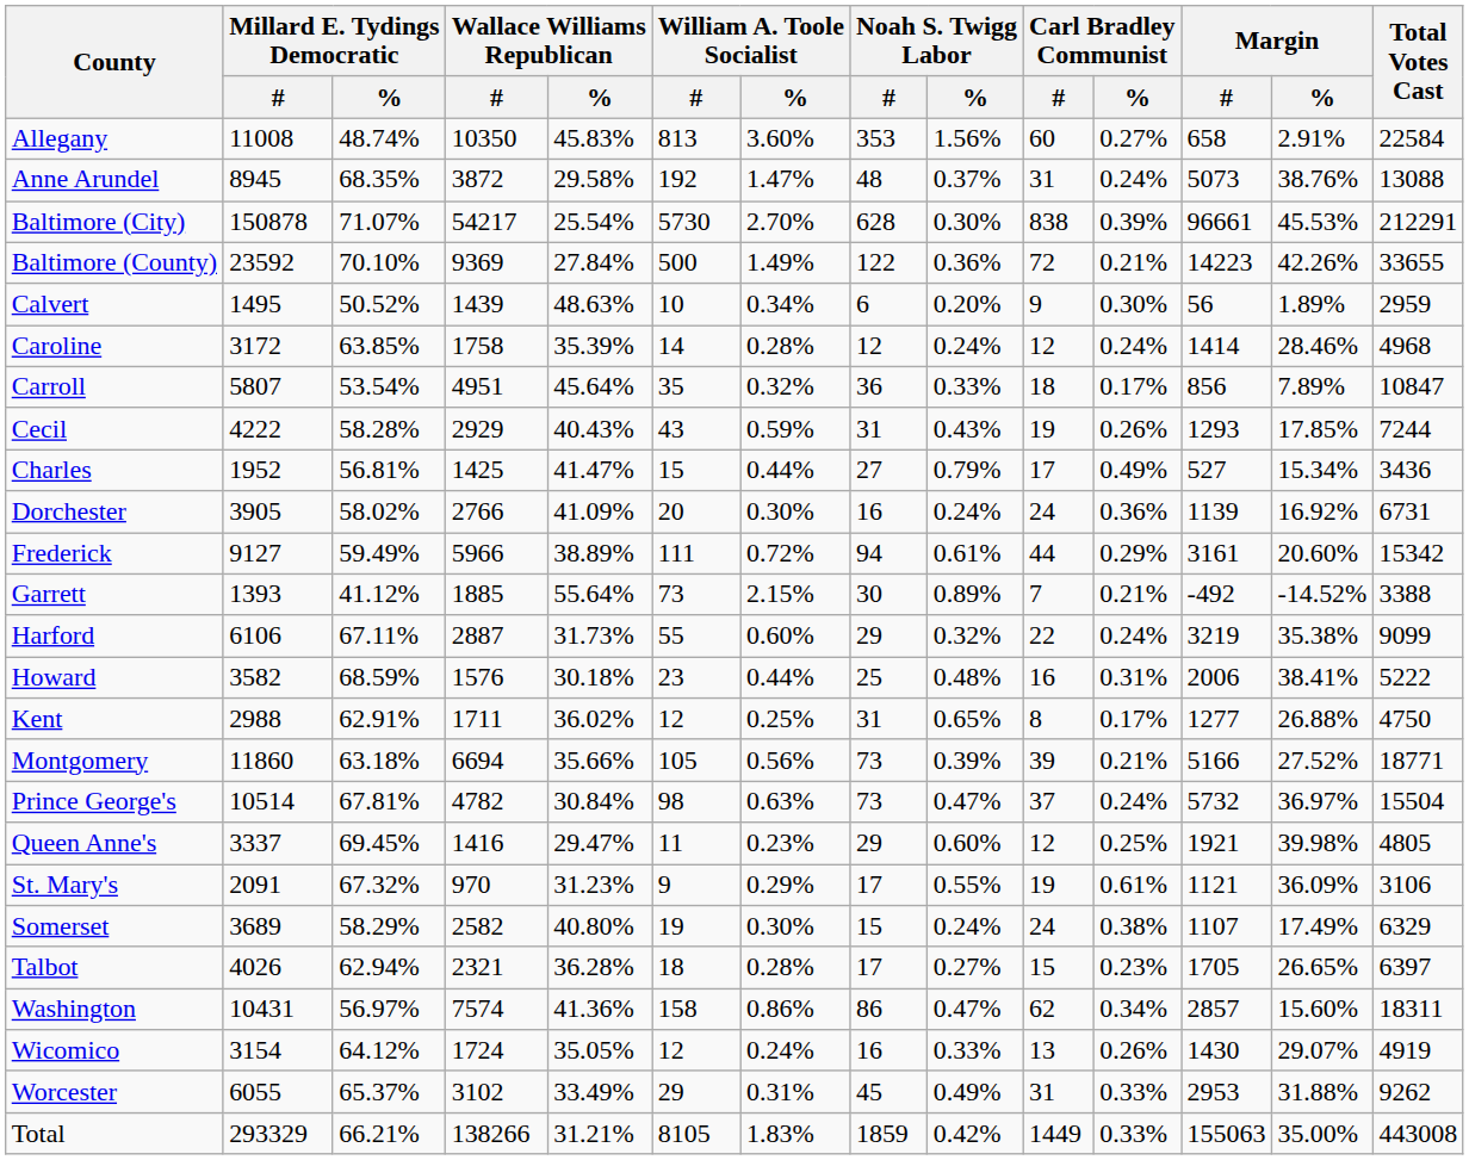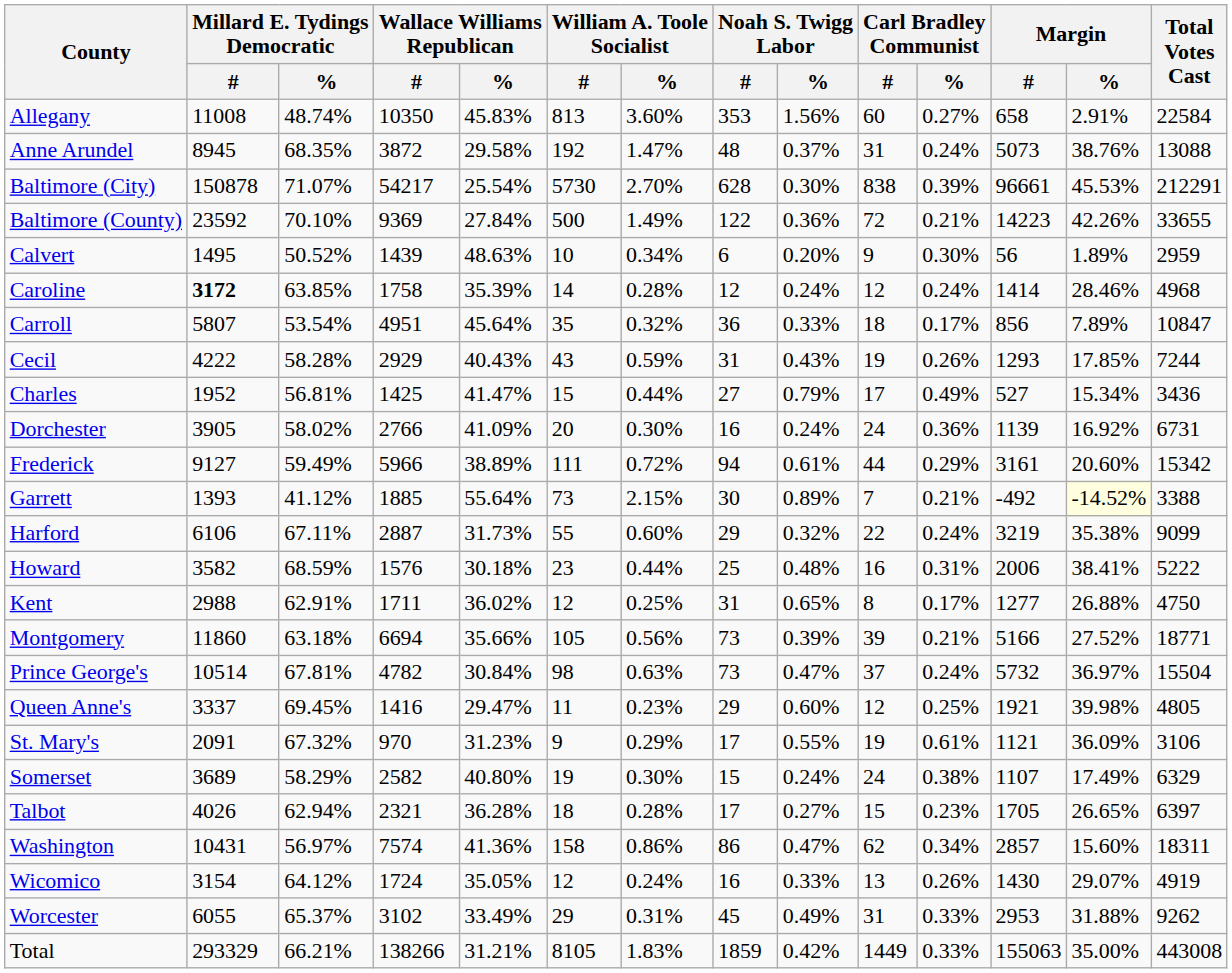 <table class="wikitable sortable">
 <tr>
 <th rowspan="2">County</th>
 <th colspan="2" >Millard E. Tydings<br>Democratic</th>
 <th colspan="2" >Wallace Williams<br>Republican</th>
 <th colspan="2" >William A. Toole<br>Socialist</th>
 <th colspan="2" >Noah S. Twigg<br>Labor</th>
 <th colspan="2" >Carl Bradley<br>Communist</th>
 <th colspan="2">Margin</th>
 <th rowspan="2">Total<br>Votes<br>Cast</th>
 </tr>
 <tr>
 <th>#</th>
 <th>%</th>
 <th>#</th>
 <th>%</th>
 <th>#</th>
 <th>%</th>
 <th>#</th>
 <th>%</th>
 <th>#</th>
 <th>%</th>
 <th>#</th>
 <th>%</th>
 </tr>
 <tr>
 <td><a href='#'>Allegany</a></td>
 <td>11008</td>
 <td>48.74%</td>
 <td>10350</td>
 <td>45.83%</td>
 <td>813</td>
 <td>3.60%</td>
 <td>353</td>
 <td>1.56%</td>
 <td>60</td>
 <td>0.27%</td>
 <td>658</td>
 <td>2.91%</td>
 <td>22584</td>
 </tr>
 <tr>
 <td><a href='#'>Anne Arundel</a></td>
 <td>8945</td>
 <td>68.35%</td>
 <td>3872</td>
 <td>29.58%</td>
 <td>192</td>
 <td>1.47%</td>
 <td>48</td>
 <td>0.37%</td>
 <td>31</td>
 <td>0.24%</td>
 <td>5073</td>
 <td>38.76%</td>
 <td>13088</td>
 </tr>
 <tr>
 <td><a href='#'>Baltimore (City)</a></td>
 <td>150878</td>
 <td>71.07%</td>
 <td>54217</td>
 <td>25.54%</td>
 <td>5730</td>
 <td>2.70%</td>
 <td>628</td>
 <td>0.30%</td>
 <td>838</td>
 <td>0.39%</td>
 <td>96661</td>
 <td>45.53%</td>
 <td>212291</td>
 </tr>
 <tr>
 <td><a href='#'>Baltimore (County)</a></td>
 <td>23592</td>
 <td>70.10%</td>
 <td>9369</td>
 <td>27.84%</td>
 <td>500</td>
 <td>1.49%</td>
 <td>122</td>
 <td>0.36%</td>
 <td>72</td>
 <td>0.21%</td>
 <td>14223</td>
 <td>42.26%</td>
 <td>33655</td>
 </tr>
 <tr>
 <td><a href='#'>Calvert</a></td>
 <td>1495</td>
 <td>50.52%</td>
 <td>1439</td>
 <td>48.63%</td>
 <td>10</td>
 <td>0.34%</td>
 <td>6</td>
 <td>0.20%</td>
 <td>9</td>
 <td>0.30%</td>
 <td>56</td>
 <td>1.89%</td>
 <td>2959</td>
 </tr>
 <tr>
 <td><a href='#'>Caroline</a></td>
-<td>3172</td>
+<td><strong>3172</strong></td>
 <td>63.85%</td>
 <td>1758</td>
 <td>35.39%</td>
 <td>14</td>
 <td>0.28%</td>
 <td>12</td>
 <td>0.24%</td>
 <td>12</td>
 <td>0.24%</td>
 <td>1414</td>
 <td>28.46%</td>
 <td>4968</td>
 </tr>
 <tr>
 <td><a href='#'>Carroll</a></td>
 <td>5807</td>
 <td>53.54%</td>
 <td>4951</td>
 <td>45.64%</td>
 <td>35</td>
 <td>0.32%</td>
 <td>36</td>
 <td>0.33%</td>
 <td>18</td>
 <td>0.17%</td>
 <td>856</td>
 <td>7.89%</td>
 <td>10847</td>
 </tr>
 <tr>
 <td><a href='#'>Cecil</a></td>
 <td>4222</td>
 <td>58.28%</td>
 <td>2929</td>
 <td>40.43%</td>
 <td>43</td>
 <td>0.59%</td>
 <td>31</td>
 <td>0.43%</td>
 <td>19</td>
 <td>0.26%</td>
 <td>1293</td>
 <td>17.85%</td>
 <td>7244</td>
 </tr>
 <tr>
 <td><a href='#'>Charles</a></td>
 <td>1952</td>
 <td>56.81%</td>
 <td>1425</td>
 <td>41.47%</td>
 <td>15</td>
 <td>0.44%</td>
 <td>27</td>
 <td>0.79%</td>
 <td>17</td>
 <td>0.49%</td>
 <td>527</td>
 <td>15.34%</td>
 <td>3436</td>
 </tr>
 <tr>
 <td><a href='#'>Dorchester</a></td>
 <td>3905</td>
 <td>58.02%</td>
 <td>2766</td>
 <td>41.09%</td>
 <td>20</td>
 <td>0.30%</td>
 <td>16</td>
 <td>0.24%</td>
 <td>24</td>
 <td>0.36%</td>
 <td>1139</td>
 <td>16.92%</td>
 <td>6731</td>
 </tr>
 <tr>
 <td><a href='#'>Frederick</a></td>
 <td>9127</td>
 <td>59.49%</td>
 <td>5966</td>
 <td>38.89%</td>
 <td>111</td>
 <td>0.72%</td>
 <td>94</td>
 <td>0.61%</td>
 <td>44</td>
 <td>0.29%</td>
 <td>3161</td>
 <td>20.60%</td>
 <td>15342</td>
 </tr>
 <tr>
 <td><a href='#'>Garrett</a></td>
 <td>1393</td>
 <td>41.12%</td>
 <td>1885</td>
 <td>55.64%</td>
 <td>73</td>
 <td>2.15%</td>
 <td>30</td>
 <td>0.89%</td>
 <td>7</td>
 <td>0.21%</td>
 <td>-492</td>
-<td>-14.52%</td>
+<td style="background: lightyellow;">-14.52%</td>
 <td>3388</td>
 </tr>
 <tr>
 <td><a href='#'>Harford</a></td>
 <td>6106</td>
 <td>67.11%</td>
 <td>2887</td>
 <td>31.73%</td>
 <td>55</td>
 <td>0.60%</td>
 <td>29</td>
 <td>0.32%</td>
 <td>22</td>
 <td>0.24%</td>
 <td>3219</td>
 <td>35.38%</td>
 <td>9099</td>
 </tr>
 <tr>
 <td><a href='#'>Howard</a></td>
 <td>3582</td>
 <td>68.59%</td>
 <td>1576</td>
 <td>30.18%</td>
 <td>23</td>
 <td>0.44%</td>
 <td>25</td>
 <td>0.48%</td>
 <td>16</td>
 <td>0.31%</td>
 <td>2006</td>
 <td>38.41%</td>
 <td>5222</td>
 </tr>
 <tr>
 <td><a href='#'>Kent</a></td>
 <td>2988</td>
 <td>62.91%</td>
 <td>1711</td>
 <td>36.02%</td>
 <td>12</td>
 <td>0.25%</td>
 <td>31</td>
 <td>0.65%</td>
 <td>8</td>
 <td>0.17%</td>
 <td>1277</td>
 <td>26.88%</td>
 <td>4750</td>
 </tr>
 <tr>
 <td><a href='#'>Montgomery</a></td>
 <td>11860</td>
 <td>63.18%</td>
 <td>6694</td>
 <td>35.66%</td>
 <td>105</td>
 <td>0.56%</td>
 <td>73</td>
 <td>0.39%</td>
 <td>39</td>
 <td>0.21%</td>
 <td>5166</td>
 <td>27.52%</td>
 <td>18771</td>
 </tr>
 <tr>
 <td><a href='#'>Prince George's</a></td>
 <td>10514</td>
 <td>67.81%</td>
 <td>4782</td>
 <td>30.84%</td>
 <td>98</td>
 <td>0.63%</td>
 <td>73</td>
 <td>0.47%</td>
 <td>37</td>
 <td>0.24%</td>
 <td>5732</td>
 <td>36.97%</td>
 <td>15504</td>
 </tr>
 <tr>
 <td><a href='#'>Queen Anne's</a></td>
 <td>3337</td>
 <td>69.45%</td>
 <td>1416</td>
 <td>29.47%</td>
 <td>11</td>
 <td>0.23%</td>
 <td>29</td>
 <td>0.60%</td>
 <td>12</td>
 <td>0.25%</td>
 <td>1921</td>
 <td>39.98%</td>
 <td>4805</td>
 </tr>
 <tr>
 <td><a href='#'>St. Mary's</a></td>
 <td>2091</td>
 <td>67.32%</td>
 <td>970</td>
 <td>31.23%</td>
 <td>9</td>
 <td>0.29%</td>
 <td>17</td>
 <td>0.55%</td>
 <td>19</td>
 <td>0.61%</td>
 <td>1121</td>
 <td>36.09%</td>
 <td>3106</td>
 </tr>
 <tr>
 <td><a href='#'>Somerset</a></td>
 <td>3689</td>
 <td>58.29%</td>
 <td>2582</td>
 <td>40.80%</td>
 <td>19</td>
 <td>0.30%</td>
 <td>15</td>
 <td>0.24%</td>
 <td>24</td>
 <td>0.38%</td>
 <td>1107</td>
 <td>17.49%</td>
 <td>6329</td>
 </tr>
 <tr>
 <td><a href='#'>Talbot</a></td>
 <td>4026</td>
 <td>62.94%</td>
 <td>2321</td>
 <td>36.28%</td>
 <td>18</td>
 <td>0.28%</td>
 <td>17</td>
 <td>0.27%</td>
 <td>15</td>
 <td>0.23%</td>
 <td>1705</td>
 <td>26.65%</td>
 <td>6397</td>
 </tr>
 <tr>
 <td><a href='#'>Washington</a></td>
 <td>10431</td>
 <td>56.97%</td>
 <td>7574</td>
 <td>41.36%</td>
 <td>158</td>
 <td>0.86%</td>
 <td>86</td>
 <td>0.47%</td>
 <td>62</td>
 <td>0.34%</td>
 <td>2857</td>
 <td>15.60%</td>
 <td>18311</td>
 </tr>
 <tr>
 <td><a href='#'>Wicomico</a></td>
 <td>3154</td>
 <td>64.12%</td>
 <td>1724</td>
 <td>35.05%</td>
 <td>12</td>
 <td>0.24%</td>
 <td>16</td>
 <td>0.33%</td>
 <td>13</td>
 <td>0.26%</td>
 <td>1430</td>
 <td>29.07%</td>
 <td>4919</td>
 </tr>
 <tr>
 <td><a href='#'>Worcester</a></td>
 <td>6055</td>
 <td>65.37%</td>
 <td>3102</td>
 <td>33.49%</td>
 <td>29</td>
 <td>0.31%</td>
 <td>45</td>
 <td>0.49%</td>
 <td>31</td>
 <td>0.33%</td>
 <td>2953</td>
 <td>31.88%</td>
 <td>9262</td>
 </tr>
 <tr>
 <td>Total</td>
 <td>293329</td>
 <td>66.21%</td>
 <td>138266</td>
 <td>31.21%</td>
 <td>8105</td>
 <td>1.83%</td>
 <td>1859</td>
 <td>0.42%</td>
 <td>1449</td>
 <td>0.33%</td>
 <td>155063</td>
 <td>35.00%</td>
 <td>443008</td>
 </tr>
 </table>
